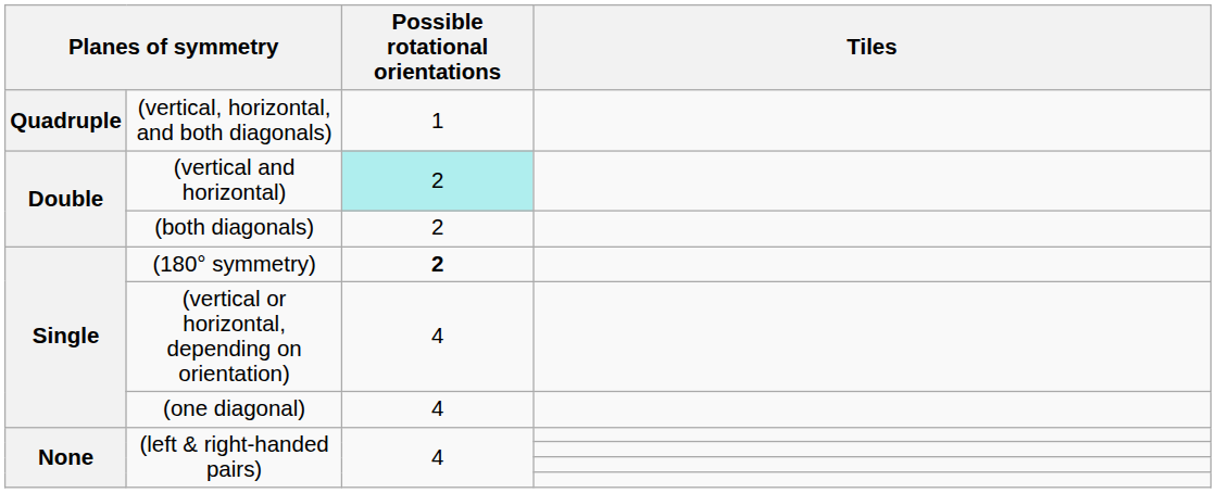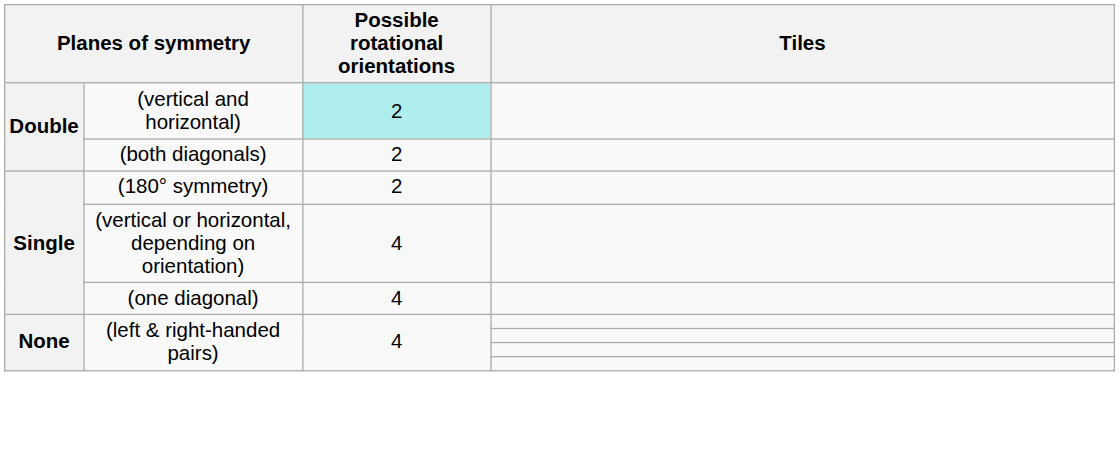 <table class="wikitable" style="text-align:center;">
 <tr>
 <th colspan=2>Planes of symmetry</th>
 <th>Possible rotational orientations</th>
 <th style="width:30em;">Tiles</th>
-</tr>
-<tr>
-<th>Quadruple</th>
-<td>(vertical, horizontal, and both diagonals)</td>
-<td>1</td>
-<td style="font-size:75%;"></td>
 </tr>
 <tr>
 <th rowspan=2>Double</th>
 <td>(vertical and horizontal)</td>
 <td style="background: paleturquoise;">2</td>
 <td style="font-size:75%;"></td>
 </tr>
 <tr>
 <td>(both diagonals)</td>
 <td>2</td>
 <td style="font-size:75%;"></td>
 </tr>
 <tr>
 <th rowspan=3>Single</th>
 <td>(180° symmetry)</td>
-<td><strong>2</strong></td>
+<td>2</td>
 <td style="font-size:75%;"></td>
 </tr>
 <tr>
 <td>(vertical or horizontal, depending on orientation)</td>
 <td>4</td>
 <td style="font-size:75%;"></td>
 </tr>
 <tr>
 <td>(one diagonal)</td>
 <td>4</td>
 <td style="font-size:75%;"></td>
 </tr>
 <tr>
 <th rowspan=4>None</th>
 <td rowspan=4>(left & right-handed pairs)</td>
 <td rowspan=4>4</td>
 <td style="font-size:75%;"></td>
 </tr>
 <tr>
 <td style="font-size:75%;"></td>
 </tr>
 <tr>
 <td style="font-size:75%;"></td>
 </tr>
 <tr>
 <td style="font-size:75%;"></td>
 </tr>
 </table>
